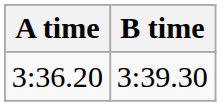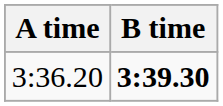 <table class="wikitable" border="1" align="upright">
 <tr>
 <th>A time</th>
 <th>B time</th>
 </tr>
 <tr>
 <td>3:36.20</td>
-<td>3:39.30</td>
+<td><strong>3:39.30</strong></td>
 </tr>
 </table>
